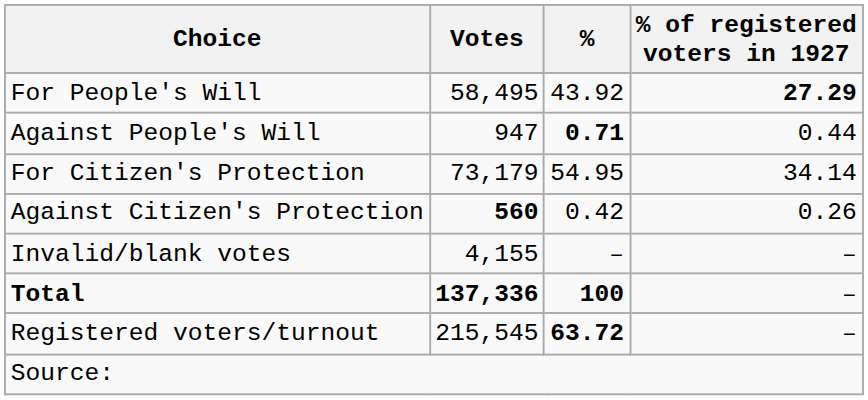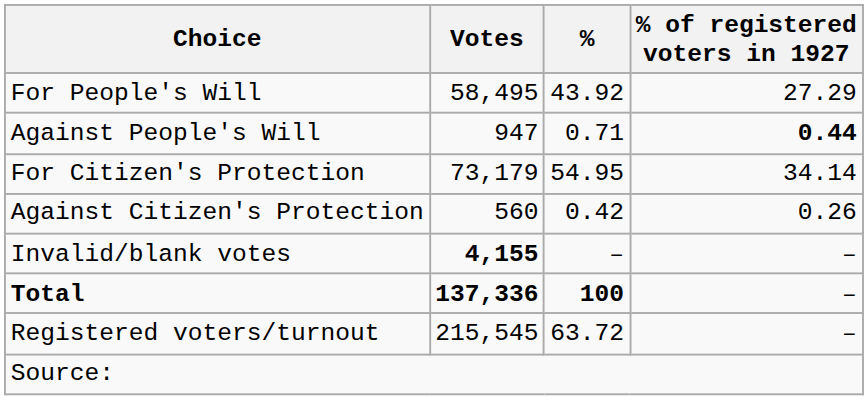 <table class=wikitable style=text-align:right>
 <tr>
 <th>Choice</th>
 <th>Votes</th>
 <th>%</th>
 <th>% of registered<br>voters in 1927</th>
 </tr>
 <tr>
 <td align=left>For People's Will</td>
 <td>58,495</td>
 <td>43.92</td>
-<td><strong>27.29</strong></td>
+<td>27.29</td>
 </tr>
 <tr>
 <td align=left>Against People's Will</td>
 <td>947</td>
-<td><strong>0.71</strong></td>
-<td>0.44</td>
+<td>0.71</td>
+<td><strong>0.44</strong></td>
 </tr>
 <tr>
 <td align=left>For Citizen's Protection</td>
 <td>73,179</td>
 <td>54.95</td>
 <td>34.14</td>
 </tr>
 <tr>
 <td align=left>Against Citizen's Protection</td>
-<td><strong>560</strong></td>
+<td>560</td>
 <td>0.42</td>
 <td>0.26</td>
 </tr>
 <tr>
 <td align=left>Invalid/blank votes</td>
-<td>4,155</td>
+<td><strong>4,155</strong></td>
 <td>–</td>
 <td>–</td>
 </tr>
 <tr>
 <td align=left><strong>Total</strong></td>
 <td><strong>137,336</strong></td>
 <td><strong>100</strong></td>
 <td>–</td>
 </tr>
 <tr>
 <td align=left>Registered voters/turnout</td>
 <td>215,545</td>
-<td><strong>63.72</strong></td>
+<td>63.72</td>
 <td>–</td>
 </tr>
 <tr>
 <td align=left colspan=4>Source: </td>
 </tr>
 </table>
